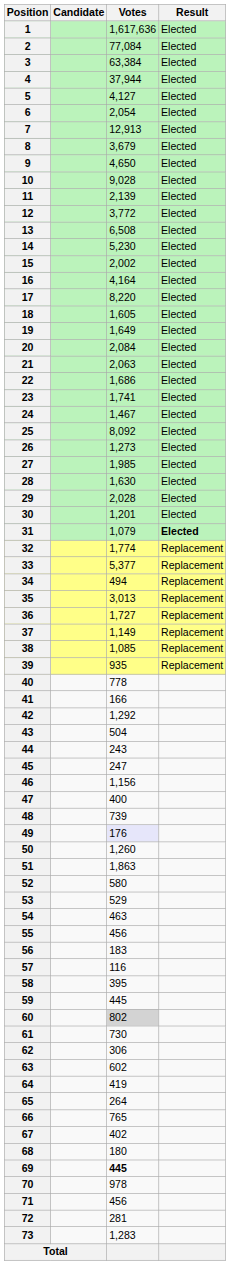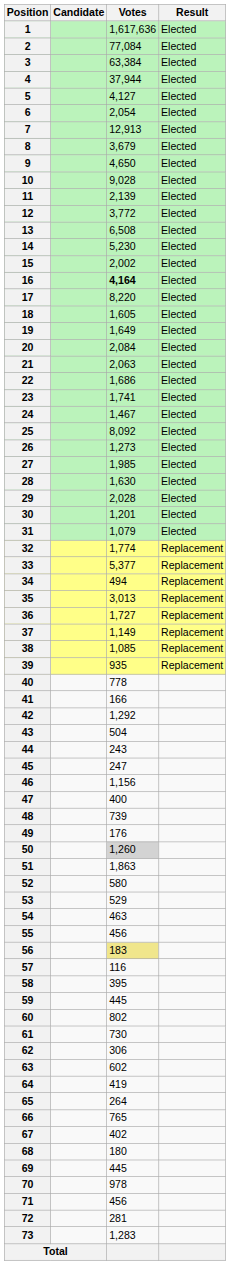 <table class="wikitable sortable col3right">
 <tr>
 <th scope="col">Position</th>
 <th scope="col">Candidate</th>
 <th scope="col">Votes</th>
 <th scope="col">Result</th>
 </tr>
 <tr bgcolor=bbf3bb>
 <th scope="row">1</th>
 <td></td>
 <td>1,617,636</td>
 <td>Elected</td>
 </tr>
 <tr bgcolor=bbf3bb>
 <th scope="row">2</th>
 <td></td>
 <td>77,084</td>
 <td>Elected</td>
 </tr>
 <tr bgcolor=bbf3bb>
 <th scope="row">3</th>
 <td></td>
 <td>63,384</td>
 <td>Elected</td>
 </tr>
 <tr bgcolor=bbf3bb>
 <th scope="row">4</th>
 <td></td>
 <td>37,944</td>
 <td>Elected</td>
 </tr>
 <tr bgcolor=bbf3bb>
 <th scope="row">5</th>
 <td></td>
 <td>4,127</td>
 <td>Elected</td>
 </tr>
 <tr bgcolor=bbf3bb>
 <th scope="row">6</th>
 <td></td>
 <td>2,054</td>
 <td>Elected</td>
 </tr>
 <tr bgcolor=bbf3bb>
 <th scope="row">7</th>
 <td></td>
 <td>12,913</td>
 <td>Elected</td>
 </tr>
 <tr bgcolor=bbf3bb>
 <th scope="row">8</th>
 <td></td>
 <td>3,679</td>
 <td>Elected</td>
 </tr>
 <tr bgcolor=bbf3bb>
 <th scope="row">9</th>
 <td></td>
 <td>4,650</td>
 <td>Elected</td>
 </tr>
 <tr bgcolor=bbf3bb>
 <th scope="row">10</th>
 <td></td>
 <td>9,028</td>
 <td>Elected</td>
 </tr>
 <tr bgcolor=bbf3bb>
 <th scope="row">11</th>
 <td></td>
 <td>2,139</td>
 <td>Elected</td>
 </tr>
 <tr bgcolor=bbf3bb>
 <th scope="row">12</th>
 <td></td>
 <td>3,772</td>
 <td>Elected</td>
 </tr>
 <tr bgcolor=bbf3bb>
 <th scope="row">13</th>
 <td></td>
 <td>6,508</td>
 <td>Elected</td>
 </tr>
 <tr bgcolor=bbf3bb>
 <th scope="row">14</th>
 <td></td>
 <td>5,230</td>
 <td>Elected</td>
 </tr>
 <tr bgcolor=bbf3bb>
 <th scope="row">15</th>
 <td></td>
 <td>2,002</td>
 <td>Elected</td>
 </tr>
 <tr bgcolor=bbf3bb>
 <th scope="row">16</th>
 <td></td>
-<td>4,164</td>
+<td><strong>4,164</strong></td>
 <td>Elected</td>
 </tr>
 <tr bgcolor=bbf3bb>
 <th scope="row">17</th>
 <td></td>
 <td>8,220</td>
 <td>Elected</td>
 </tr>
 <tr bgcolor=bbf3bb>
 <th scope="row">18</th>
 <td></td>
 <td>1,605</td>
 <td>Elected</td>
 </tr>
 <tr bgcolor=bbf3bb>
 <th scope="row">19</th>
 <td></td>
 <td>1,649</td>
 <td>Elected</td>
 </tr>
 <tr bgcolor=bbf3bb>
 <th scope="row">20</th>
 <td></td>
 <td>2,084</td>
 <td>Elected</td>
 </tr>
 <tr bgcolor=bbf3bb>
 <th scope="row">21</th>
 <td></td>
 <td>2,063</td>
 <td>Elected</td>
 </tr>
 <tr bgcolor=bbf3bb>
 <th scope="row">22</th>
 <td></td>
 <td>1,686</td>
 <td>Elected</td>
 </tr>
 <tr bgcolor=bbf3bb>
 <th scope="row">23</th>
 <td></td>
 <td>1,741</td>
 <td>Elected</td>
 </tr>
 <tr bgcolor=bbf3bb>
 <th scope="row">24</th>
 <td></td>
 <td>1,467</td>
 <td>Elected</td>
 </tr>
 <tr bgcolor=bbf3bb>
 <th scope="row">25</th>
 <td></td>
 <td>8,092</td>
 <td>Elected</td>
 </tr>
 <tr bgcolor=bbf3bb>
 <th scope="row">26</th>
 <td></td>
 <td>1,273</td>
 <td>Elected</td>
 </tr>
 <tr bgcolor=bbf3bb>
 <th scope="row">27</th>
 <td></td>
 <td>1,985</td>
 <td>Elected</td>
 </tr>
 <tr bgcolor=bbf3bb>
 <th scope="row">28</th>
 <td></td>
 <td>1,630</td>
 <td>Elected</td>
 </tr>
 <tr bgcolor=bbf3bb>
 <th scope="row">29</th>
 <td></td>
 <td>2,028</td>
 <td>Elected</td>
 </tr>
 <tr bgcolor=bbf3bb>
 <th scope="row">30</th>
 <td></td>
 <td>1,201</td>
 <td>Elected</td>
 </tr>
 <tr bgcolor=bbf3bb>
 <th scope="row">31</th>
 <td></td>
 <td>1,079</td>
-<td><strong>Elected</strong></td>
+<td>Elected</td>
 </tr>
 <tr bgcolor=#FF8>
 <th scope="row">32</th>
 <td></td>
 <td>1,774</td>
 <td>Replacement</td>
 </tr>
 <tr bgcolor=#FF8>
 <th scope="row">33</th>
 <td></td>
 <td>5,377</td>
 <td>Replacement</td>
 </tr>
 <tr bgcolor=#FF8>
 <th scope="row">34</th>
 <td></td>
 <td>494</td>
 <td>Replacement</td>
 </tr>
 <tr bgcolor=#FF8>
 <th scope="row">35</th>
 <td></td>
 <td>3,013</td>
 <td>Replacement</td>
 </tr>
 <tr bgcolor=#FF8>
 <th scope="row">36</th>
 <td></td>
 <td>1,727</td>
 <td>Replacement</td>
 </tr>
 <tr bgcolor=#FF8>
 <th scope="row">37</th>
 <td></td>
 <td>1,149</td>
 <td>Replacement</td>
 </tr>
 <tr bgcolor=#FF8>
 <th scope="row">38</th>
 <td></td>
 <td>1,085</td>
 <td>Replacement</td>
 </tr>
 <tr bgcolor=#FF8>
 <th scope="row">39</th>
 <td></td>
 <td>935</td>
 <td>Replacement</td>
 </tr>
 <tr>
 <th scope="row">40</th>
 <td></td>
 <td>778</td>
 <td></td>
 </tr>
 <tr>
 <th scope="row">41</th>
 <td></td>
 <td>166</td>
 <td></td>
 </tr>
 <tr>
 <th scope="row">42</th>
 <td></td>
 <td>1,292</td>
 <td></td>
 </tr>
 <tr>
 <th scope="row">43</th>
 <td></td>
 <td>504</td>
 <td></td>
 </tr>
 <tr>
 <th scope="row">44</th>
 <td></td>
 <td>243</td>
 <td></td>
 </tr>
 <tr>
 <th scope="row">45</th>
 <td></td>
 <td>247</td>
 <td></td>
 </tr>
 <tr>
 <th scope="row">46</th>
 <td></td>
 <td>1,156</td>
 <td></td>
 </tr>
 <tr>
 <th scope="row">47</th>
 <td></td>
 <td>400</td>
 <td></td>
 </tr>
 <tr>
 <th scope="row">48</th>
 <td></td>
 <td>739</td>
 <td></td>
 </tr>
 <tr>
 <th scope="row">49</th>
 <td></td>
-<td style="background: lavender;">176</td>
+<td>176</td>
 <td></td>
 </tr>
 <tr>
 <th scope="row">50</th>
 <td></td>
-<td>1,260</td>
+<td style="background: lightgrey;">1,260</td>
 <td></td>
 </tr>
 <tr>
 <th scope="row">51</th>
 <td></td>
 <td>1,863</td>
 <td></td>
 </tr>
 <tr>
 <th scope="row">52</th>
 <td></td>
 <td>580</td>
 <td></td>
 </tr>
 <tr>
 <th scope="row">53</th>
 <td></td>
 <td>529</td>
 <td></td>
 </tr>
 <tr>
 <th scope="row">54</th>
 <td></td>
 <td>463</td>
 <td></td>
 </tr>
 <tr>
 <th scope="row">55</th>
 <td></td>
 <td>456</td>
 <td></td>
 </tr>
 <tr>
 <th scope="row">56</th>
 <td></td>
-<td>183</td>
+<td style="background: khaki;">183</td>
 <td></td>
 </tr>
 <tr>
 <th scope="row">57</th>
 <td></td>
 <td>116</td>
 <td></td>
 </tr>
 <tr>
 <th scope="row">58</th>
 <td></td>
 <td>395</td>
 <td></td>
 </tr>
 <tr>
 <th scope="row">59</th>
 <td></td>
 <td>445</td>
 <td></td>
 </tr>
 <tr>
 <th scope="row">60</th>
 <td></td>
-<td style="background: lightgrey;">802</td>
+<td>802</td>
 <td></td>
 </tr>
 <tr>
 <th scope="row">61</th>
 <td></td>
 <td>730</td>
 <td></td>
 </tr>
 <tr>
 <th scope="row">62</th>
 <td></td>
 <td>306</td>
 <td></td>
 </tr>
 <tr>
 <th scope="row">63</th>
 <td></td>
 <td>602</td>
 <td></td>
 </tr>
 <tr>
 <th scope="row">64</th>
 <td></td>
 <td>419</td>
 <td></td>
 </tr>
 <tr>
 <th scope="row">65</th>
 <td></td>
 <td>264</td>
 <td></td>
 </tr>
 <tr>
 <th scope="row">66</th>
 <td></td>
 <td>765</td>
 <td></td>
 </tr>
 <tr>
 <th scope="row">67</th>
 <td></td>
 <td>402</td>
 <td></td>
 </tr>
 <tr>
 <th scope="row">68</th>
 <td></td>
 <td>180</td>
 <td></td>
 </tr>
 <tr>
 <th scope="row">69</th>
 <td></td>
-<td><strong>445</strong></td>
+<td>445</td>
 <td></td>
 </tr>
 <tr>
 <th scope="row">70</th>
 <td></td>
 <td>978</td>
 <td></td>
 </tr>
 <tr>
 <th scope="row">71</th>
 <td></td>
 <td>456</td>
 <td></td>
 </tr>
 <tr>
 <th scope="row">72</th>
 <td></td>
 <td>281</td>
 <td></td>
 </tr>
 <tr>
 <th scope="row">73</th>
 <td></td>
 <td>1,283</td>
 <td></td>
 </tr>
 <tr class="sortbottom">
 <th scope="row" colspan="2">Total</th>
 <th></th>
 <th></th>
 </tr>
 </table>
